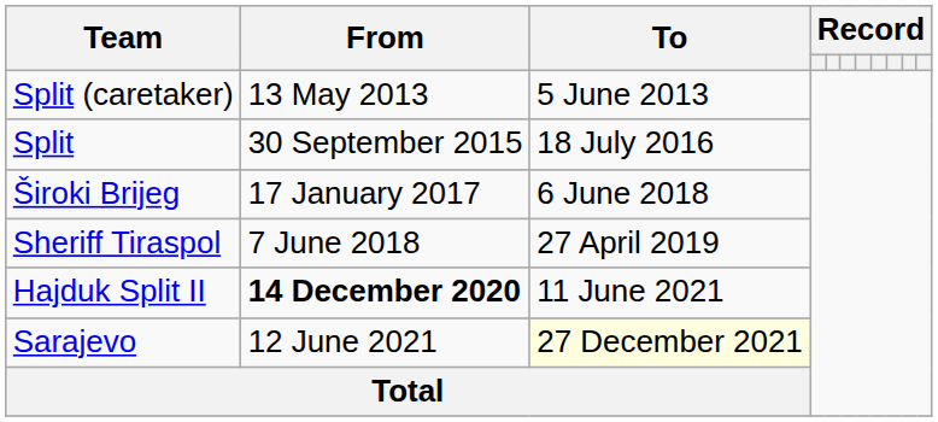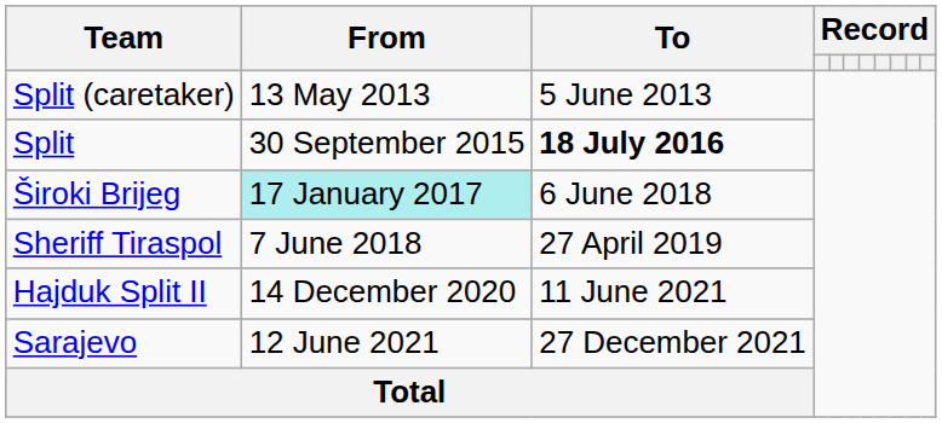 <table class="wikitable" tyle="text-align: center">
 <tr>
 <th rowspan="2">Team</th>
 <th rowspan="2">From</th>
 <th rowspan="2">To</th>
 <th colspan="8">Record</th>
 </tr>
 <tr>
 <th></th>
 <th></th>
 <th></th>
 <th></th>
 <th></th>
 <th></th>
 <th></th>
 <th></th>
 </tr>
 <tr>
 <td align=left><a href='#'>Split</a> (caretaker)</td>
 <td align=left>13 May 2013</td>
 <td align=left>5 June 2013<br></td>
 </tr>
 <tr>
 <td align=left><a href='#'>Split</a></td>
 <td align=left>30 September 2015</td>
-<td align=left>18 July 2016<br></td>
+<td align=left><strong>18 July 2016<br></strong></td>
 </tr>
 <tr>
 <td align=left><a href='#'>Široki Brijeg</a></td>
-<td align=left>17 January 2017</td>
+<td align=left style="background: paleturquoise;">17 January 2017</td>
 <td align=left>6 June 2018<br></td>
 </tr>
 <tr>
 <td align="left"><a href='#'>Sheriff Tiraspol</a></td>
 <td align="left">7 June 2018</td>
 <td align="left">27 April 2019<br></td>
 </tr>
 <tr>
 <td align=left><a href='#'>Hajduk Split II</a></td>
-<td align=left><strong>14 December 2020</strong></td>
+<td align=left>14 December 2020</td>
 <td align=left>11 June 2021<br></td>
 </tr>
 <tr>
 <td align=left><a href='#'>Sarajevo</a></td>
 <td align=left>12 June 2021</td>
-<td align=left style="background: lightyellow;">27 December 2021<br></td>
+<td align=left>27 December 2021<br></td>
 </tr>
 <tr>
 <th colspan="3">Total<br></th>
 </tr>
 </table>
